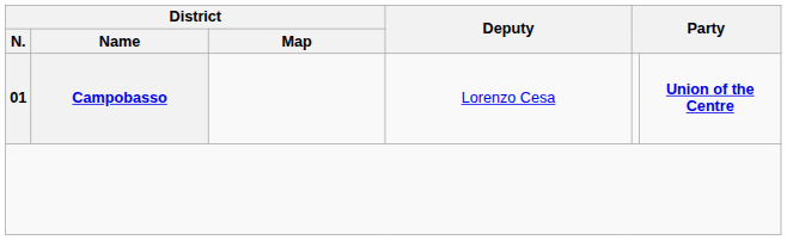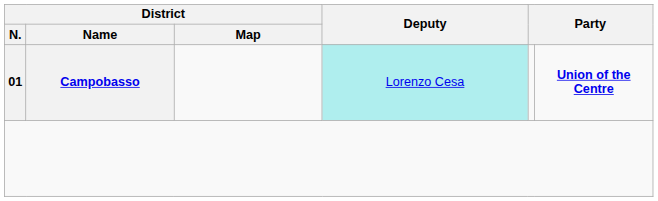 <table class="wikitable" style="text-align:center; style="width=65%">
 <tr>
 <th width=35% colspan="3">District</th>
 <th width=25% rowspan="2">Deputy</th>
 <th width=15% colspan="2" rowspan="2">Party</th>
 </tr>
 <tr>
 <th width=1%>N.</th>
 <th width=18%>Name</th>
 <th width=18%>Map</th>
 </tr>
 <tr style="height:6em;">
 <th>01</th>
 <th><a href='#'>Campobasso</a></th>
 <td></td>
-<td><a href='#'>Lorenzo Cesa</a></td>
+<td style="background: paleturquoise;"><a href='#'>Lorenzo Cesa</a></td>
 <td style="background:"></td>
 <td><strong><a href='#'>Union of the Centre</a></strong></td>
 </tr>
 <tr style="height:6em;">
 </tr>
 </table>
